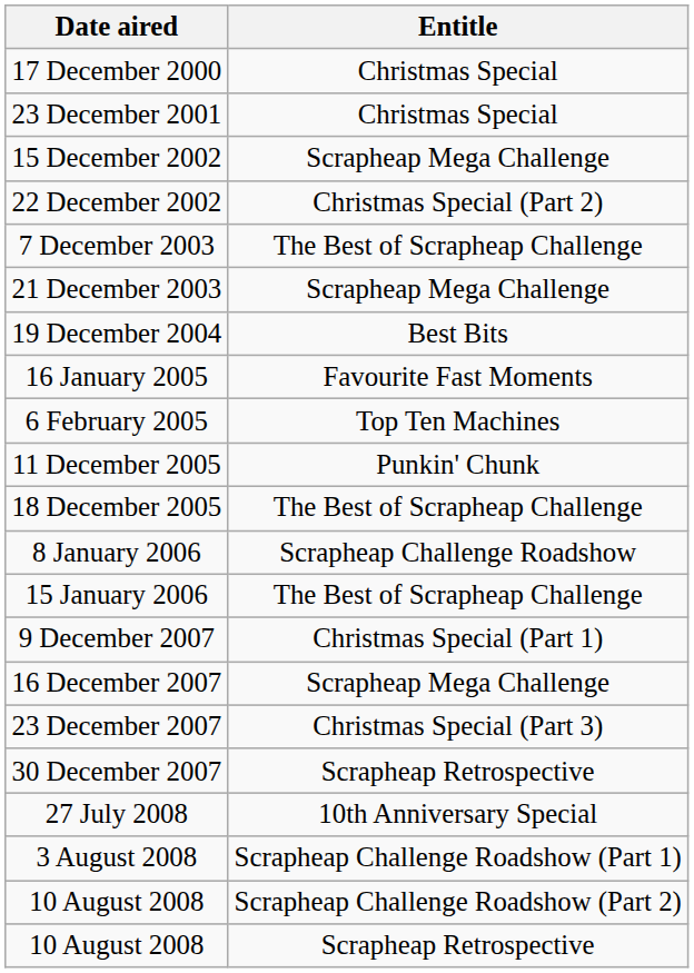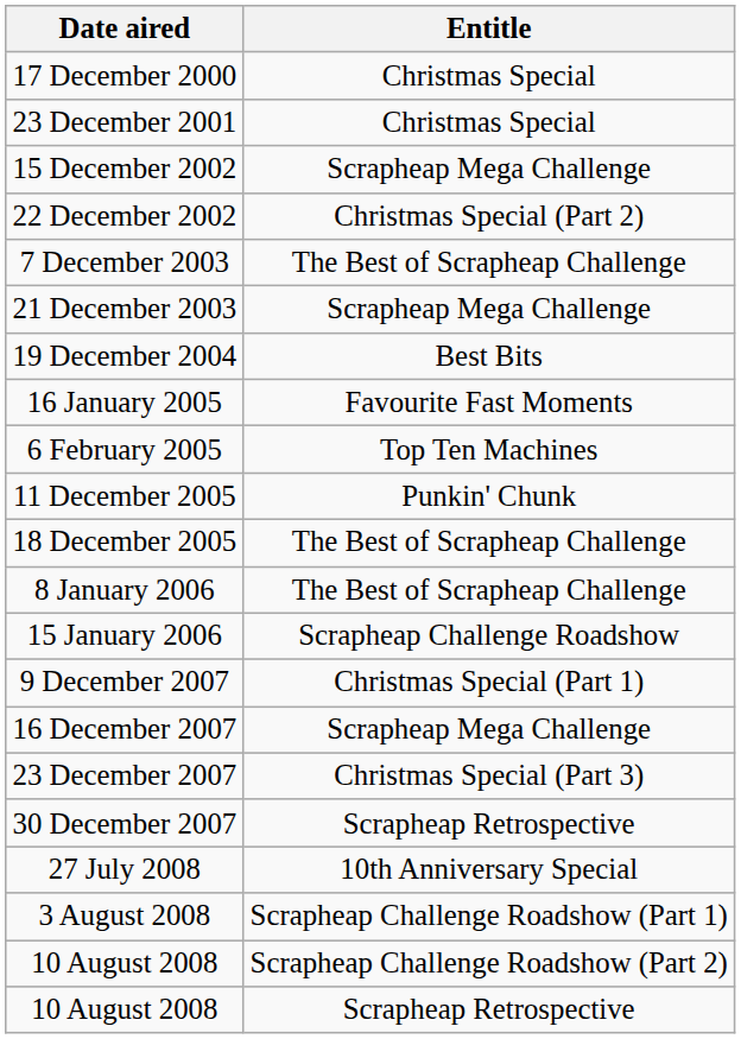 <table class="wikitable" style="text-align:center;">
 <tr>
 <th>Date aired</th>
 <th>Entitle</th>
 </tr>
 <tr>
 <td>17 December 2000</td>
 <td>Christmas Special</td>
 </tr>
 <tr>
 <td>23 December 2001</td>
 <td>Christmas Special</td>
 </tr>
 <tr>
 <td>15 December 2002</td>
 <td>Scrapheap Mega Challenge</td>
 </tr>
 <tr>
 <td>22 December 2002</td>
 <td>Christmas Special (Part 2)</td>
 </tr>
 <tr>
 <td>7 December 2003</td>
 <td>The Best of Scrapheap Challenge</td>
 </tr>
 <tr>
 <td>21 December 2003</td>
 <td>Scrapheap Mega Challenge</td>
 </tr>
 <tr>
 <td>19 December 2004</td>
 <td>Best Bits</td>
 </tr>
 <tr>
 <td>16 January 2005</td>
 <td>Favourite Fast Moments</td>
 </tr>
 <tr>
 <td>6 February 2005</td>
 <td>Top Ten Machines</td>
 </tr>
 <tr>
 <td>11 December 2005</td>
 <td>Punkin' Chunk</td>
 </tr>
 <tr>
 <td>18 December 2005</td>
 <td>The Best of Scrapheap Challenge</td>
 </tr>
 <tr>
 <td>8 January 2006</td>
-<td>Scrapheap Challenge Roadshow</td>
+<td>The Best of Scrapheap Challenge</td>
 </tr>
 <tr>
 <td>15 January 2006</td>
-<td>The Best of Scrapheap Challenge</td>
+<td>Scrapheap Challenge Roadshow</td>
 </tr>
 <tr>
 <td>9 December 2007</td>
 <td>Christmas Special (Part 1)</td>
 </tr>
 <tr>
 <td>16 December 2007</td>
 <td>Scrapheap Mega Challenge</td>
 </tr>
 <tr>
 <td>23 December 2007</td>
 <td>Christmas Special (Part 3)</td>
 </tr>
 <tr>
 <td>30 December 2007</td>
 <td>Scrapheap Retrospective</td>
 </tr>
 <tr>
 <td>27 July 2008</td>
 <td>10th Anniversary Special</td>
 </tr>
 <tr>
 <td>3 August 2008</td>
 <td>Scrapheap Challenge Roadshow (Part 1)</td>
 </tr>
 <tr>
 <td>10 August 2008</td>
 <td>Scrapheap Challenge Roadshow (Part 2)</td>
 </tr>
 <tr>
 <td>10 August 2008</td>
 <td>Scrapheap Retrospective</td>
 </tr>
 </table>
